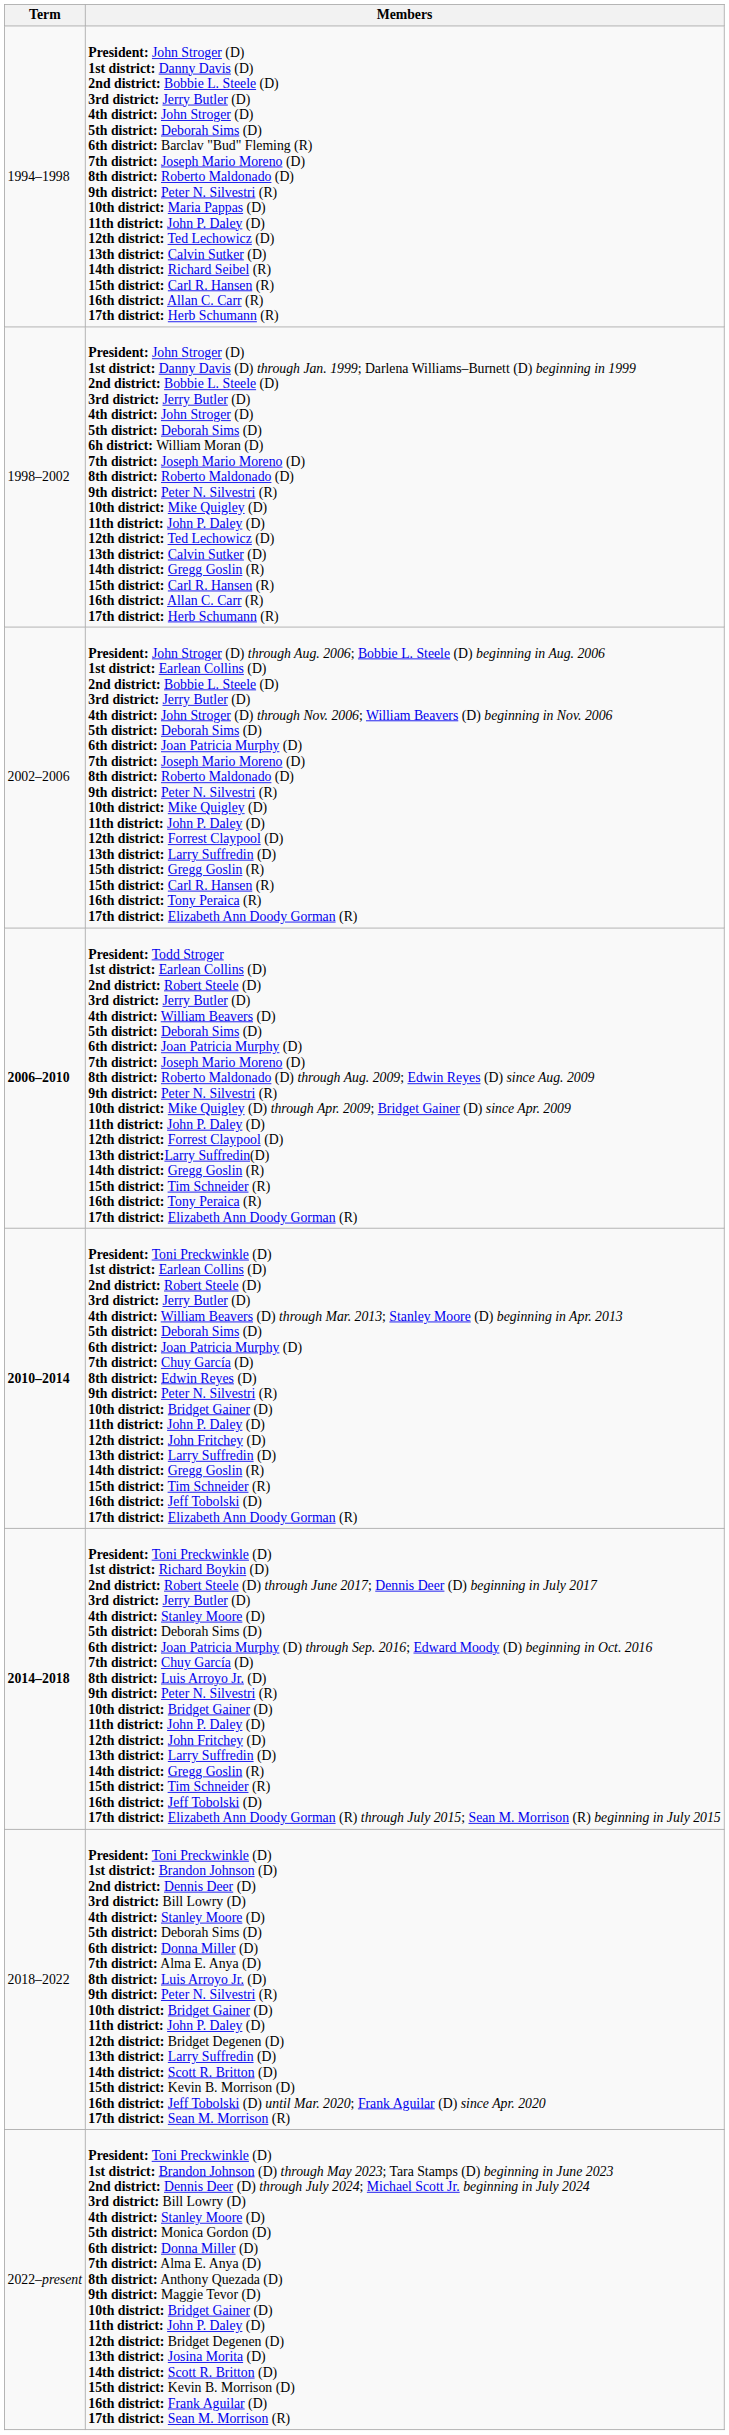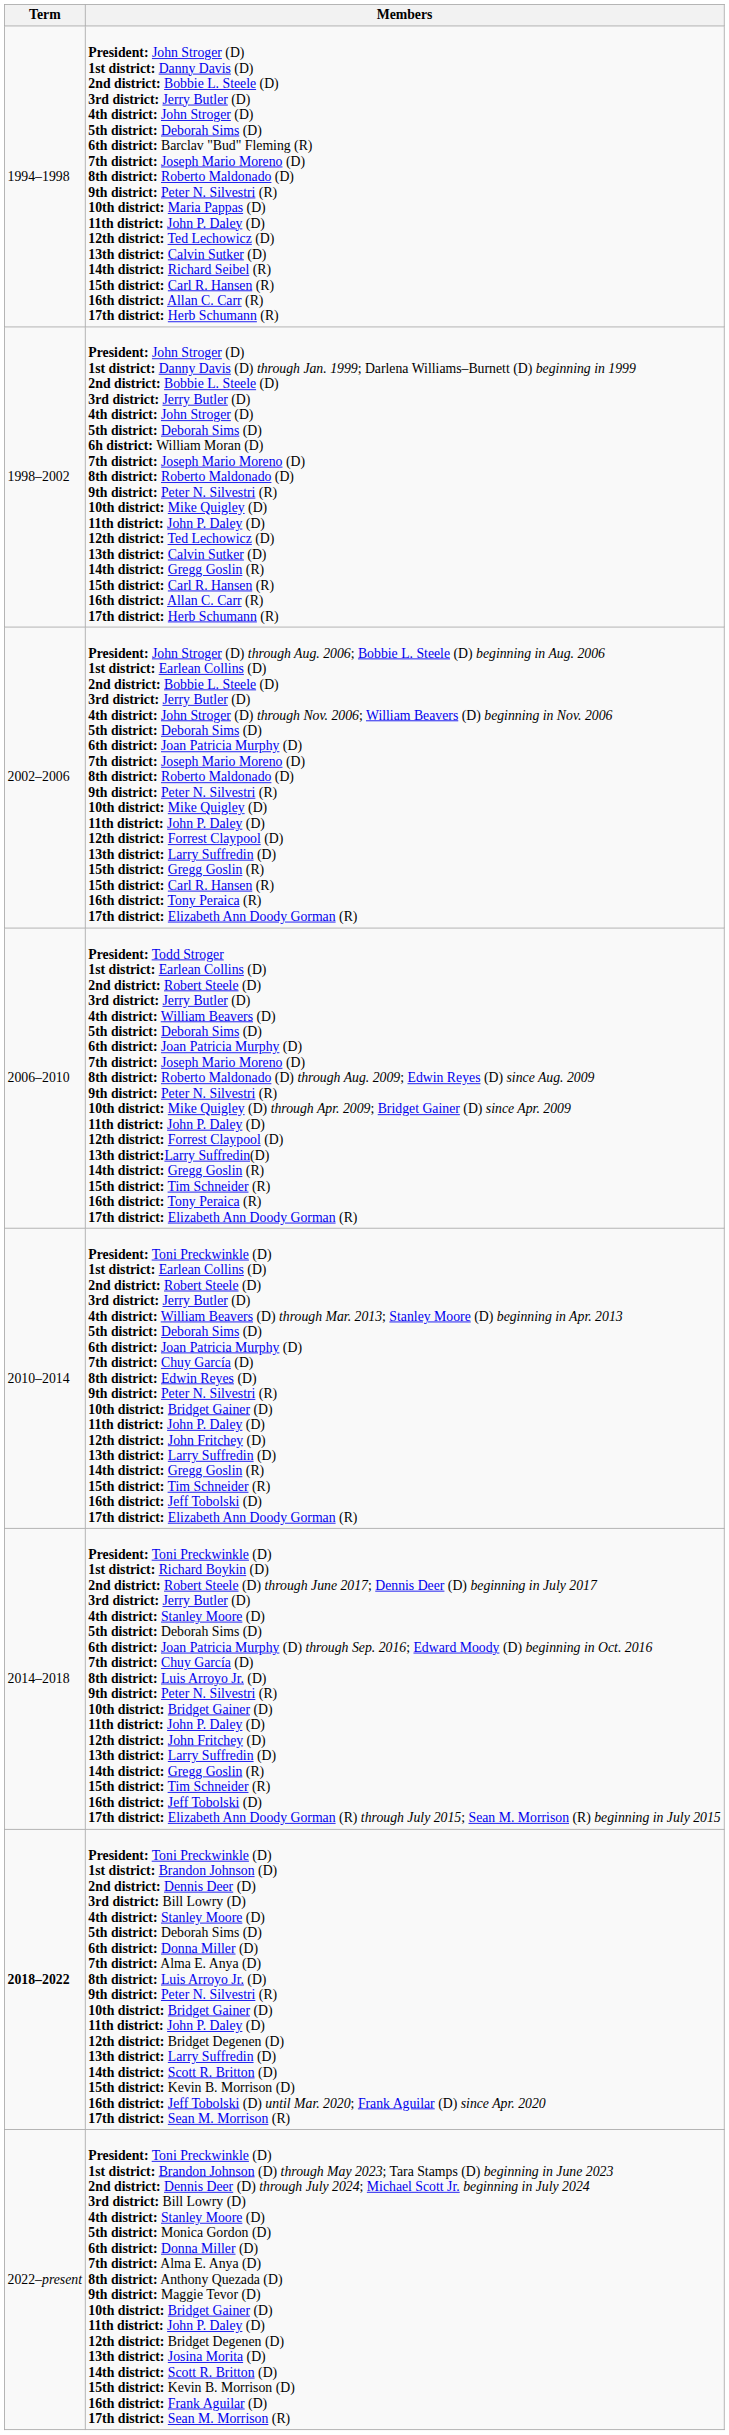 <table class="wikitable mw-collapsible">
 <tr>
 <th>Term</th>
 <th>Members</th>
 </tr>
 <tr>
 <td>1994–1998</td>
 <td><br><strong>President:</strong> <a href='#'>John Stroger</a> (D)<br> <strong>1st district:</strong> <a href='#'>Danny Davis</a> (D)<br> <strong>2nd district:</strong> <a href='#'>Bobbie L. Steele</a> (D)<br> <strong>3rd district:</strong> <a href='#'>Jerry Butler</a> (D)<br> <strong>4th district:</strong> <a href='#'>John Stroger</a> (D)<br> <strong>5th district:</strong> <a href='#'>Deborah Sims</a> (D)<br> <strong>6th district:</strong> Barclav "Bud" Fleming (R)<br> <strong>7th district:</strong> <a href='#'>Joseph Mario Moreno</a> (D)<br> <strong>8th district:</strong> <a href='#'>Roberto Maldonado</a> (D) <br> <strong>9th district:</strong> <a href='#'>Peter N. Silvestri</a> (R)<br> <strong>10th district:</strong> <a href='#'>Maria Pappas</a> (D)<br> <strong>11th district:</strong> <a href='#'>John P. Daley</a> (D)<br> <strong>12th district:</strong> <a href='#'>Ted Lechowicz</a> (D)<br> <strong>13th district:</strong> <a href='#'>Calvin Sutker</a> (D)<br> <strong>14th district:</strong> <a href='#'>Richard Seibel</a> (R)<br> <strong>15th district:</strong> <a href='#'>Carl R. Hansen</a> (R)<br> <strong>16th district:</strong> <a href='#'>Allan C. Carr</a> (R)<br> <strong>17th district:</strong> <a href='#'>Herb Schumann</a> (R)<br></td>
 </tr>
 <tr>
 <td>1998–2002</td>
 <td><br><strong>President:</strong> <a href='#'>John Stroger</a> (D)<br> <strong>1st district:</strong> <a href='#'>Danny Davis</a> (D) <em>through Jan. 1999</em>; Darlena Williams–Burnett (D) <em>beginning in 1999</em> <br> <strong>2nd district:</strong> <a href='#'>Bobbie L. Steele</a> (D)<br> <strong>3rd district:</strong> <a href='#'>Jerry Butler</a> (D)<br> <strong>4th district:</strong> <a href='#'>John Stroger</a> (D)<br> <strong>5th district:</strong> <a href='#'>Deborah Sims</a> (D)<br> <strong>6h district:</strong> William Moran (D)<br> <strong>7th district:</strong> <a href='#'>Joseph Mario Moreno</a> (D)<br> <strong>8th district:</strong> <a href='#'>Roberto Maldonado</a> (D) <br> <strong>9th district:</strong> <a href='#'>Peter N. Silvestri</a> (R)<br> <strong>10th district:</strong> <a href='#'>Mike Quigley</a> (D)<br> <strong>11th district:</strong> <a href='#'>John P. Daley</a> (D)<br> <strong>12th district:</strong> <a href='#'>Ted Lechowicz</a> (D)<br> <strong>13th district:</strong> <a href='#'>Calvin Sutker</a> (D)<br> <strong>14th district:</strong> <a href='#'>Gregg Goslin</a> (R)<br> <strong>15th district:</strong> <a href='#'>Carl R. Hansen</a> (R)<br> <strong>16th district:</strong> <a href='#'>Allan C. Carr</a> (R)<br> <strong>17th district:</strong> <a href='#'>Herb Schumann</a> (R)<br></td>
 </tr>
 <tr>
 <td>2002–2006</td>
 <td><br><strong>President:</strong> <a href='#'>John Stroger</a> (D) <em>through Aug. 2006</em>; <a href='#'>Bobbie L. Steele</a> (D) <em>beginning in Aug. 2006</em><br> <strong>1st district:</strong> <a href='#'>Earlean Collins</a> (D)<br> <strong>2nd district:</strong> <a href='#'>Bobbie L. Steele</a> (D)<br> <strong>3rd district:</strong> <a href='#'>Jerry Butler</a> (D)<br> <strong>4th district:</strong> <a href='#'>John Stroger</a> (D) <em>through Nov. 2006</em>; <a href='#'>William Beavers</a> (D) <em>beginning in Nov. 2006</em><br> <strong>5th district:</strong> <a href='#'>Deborah Sims</a> (D)<br> <strong>6th district:</strong> <a href='#'>Joan Patricia Murphy</a> (D)<br> <strong>7th district:</strong> <a href='#'>Joseph Mario Moreno</a> (D)<br> <strong>8th district:</strong> <a href='#'>Roberto Maldonado</a> (D) <br> <strong>9th district:</strong> <a href='#'>Peter N. Silvestri</a> (R)<br> <strong>10th district:</strong> <a href='#'>Mike Quigley</a> (D)<br> <strong>11th district:</strong> <a href='#'>John P. Daley</a> (D)<br> <strong>12th district:</strong> <a href='#'>Forrest Claypool</a> (D)<br> <strong>13th district:</strong> <a href='#'>Larry Suffredin</a> (D)<br> <strong>15th district:</strong> <a href='#'>Gregg Goslin</a> (R)<br> <strong>15th district:</strong> <a href='#'>Carl R. Hansen</a> (R)<br> <strong>16th district:</strong> <a href='#'>Tony Peraica</a> (R)<br> <strong>17th district:</strong> <a href='#'>Elizabeth Ann Doody Gorman</a> (R)<br></td>
 </tr>
 <tr>
-<td><strong>2006–2010</strong></td>
+<td>2006–2010</td>
 <td><br><strong>President:</strong> <a href='#'>Todd Stroger</a><br> <strong>1st district:</strong> <a href='#'>Earlean Collins</a> (D)<br> <strong>2nd district:</strong> <a href='#'>Robert Steele</a> (D)<br> <strong>3rd district:</strong> <a href='#'>Jerry Butler</a> (D)<br> <strong>4th district:</strong> <a href='#'>William Beavers</a> (D)<br> <strong>5th district:</strong> <a href='#'>Deborah Sims</a> (D)<br> <strong>6th district:</strong> <a href='#'>Joan Patricia Murphy</a> (D)<br> <strong>7th district:</strong> <a href='#'>Joseph Mario Moreno</a> (D)<br> <strong>8th district:</strong> <a href='#'>Roberto Maldonado</a> (D) <em>through Aug. 2009</em>; <a href='#'>Edwin Reyes</a> (D) <em>since Aug. 2009</em><br> <strong>9th district:</strong> <a href='#'>Peter N. Silvestri</a> (R)<br> <strong>10th district:</strong> <a href='#'>Mike Quigley</a> (D) <em>through Apr. 2009</em>; <a href='#'>Bridget Gainer</a> (D) <em>since Apr. 2009</em><br> <strong>11th district:</strong> <a href='#'>John P. Daley</a> (D)<br> <strong>12th district:</strong> <a href='#'>Forrest Claypool</a> (D)<br> <strong>13th district:</strong><a href='#'>Larry Suffredin</a>(D)<br> <strong>14th district:</strong> <a href='#'>Gregg Goslin</a> (R)<br> <strong>15th district:</strong> <a href='#'>Tim Schneider</a> (R)<br> <strong>16th district:</strong> <a href='#'>Tony Peraica</a> (R)<br> <strong>17th district:</strong> <a href='#'>Elizabeth Ann Doody Gorman</a> (R)<br></td>
 </tr>
 <tr>
-<td><strong>2010–2014</strong></td>
+<td>2010–2014</td>
 <td><br><strong>President:</strong> <a href='#'>Toni Preckwinkle</a> (D)<br> <strong>1st district:</strong> <a href='#'>Earlean Collins</a> (D)<br> <strong>2nd district:</strong> <a href='#'>Robert Steele</a> (D)<br> <strong>3rd district:</strong> <a href='#'>Jerry Butler</a> (D)<br> <strong>4th district:</strong> <a href='#'>William Beavers</a> (D) <em>through Mar. 2013</em>; <a href='#'>Stanley Moore</a> (D) <em>beginning in Apr. 2013</em><br> <strong>5th district:</strong> <a href='#'>Deborah Sims</a> (D)<br> <strong>6th district:</strong> <a href='#'>Joan Patricia Murphy</a> (D)<br> <strong>7th district:</strong> <a href='#'>Chuy García</a> (D)<br> <strong>8th district:</strong> <a href='#'>Edwin Reyes</a> (D)<br> <strong>9th district:</strong> <a href='#'>Peter N. Silvestri</a> (R)<br> <strong>10th district:</strong> <a href='#'>Bridget Gainer</a> (D)<br> <strong>11th district:</strong> <a href='#'>John P. Daley</a> (D)<br> <strong>12th district:</strong> <a href='#'>John Fritchey</a> (D)<br> <strong>13th district:</strong> <a href='#'>Larry Suffredin</a> (D)<br> <strong>14th district:</strong> <a href='#'>Gregg Goslin</a> (R)<br> <strong>15th district:</strong> <a href='#'>Tim Schneider</a> (R)<br> <strong>16th district:</strong> <a href='#'>Jeff Tobolski</a> (D)<br> <strong>17th district:</strong> <a href='#'>Elizabeth Ann Doody Gorman</a> (R)<br></td>
 </tr>
 <tr>
-<td><strong>2014–2018</strong></td>
+<td>2014–2018</td>
 <td><br><strong>President:</strong> <a href='#'>Toni Preckwinkle</a> (D)<br> <strong>1st district:</strong> <a href='#'>Richard Boykin</a> (D)<br> <strong>2nd district:</strong> <a href='#'>Robert Steele</a> (D) <em>through June 2017</em>; <a href='#'>Dennis Deer</a> (D) <em>beginning in July 2017</em><br> <strong>3rd district:</strong> <a href='#'>Jerry Butler</a> (D)<br> <strong>4th district:</strong> <a href='#'>Stanley Moore</a> (D)<br> <strong>5th district:</strong> Deborah Sims (D)<br> <strong>6th district:</strong> <a href='#'>Joan Patricia Murphy</a> (D) <em>through Sep. 2016</em>; <a href='#'>Edward Moody</a> (D) <em>beginning in Oct. 2016</em><br> <strong>7th district:</strong> <a href='#'>Chuy García</a> (D)<br> <strong>8th district:</strong> <a href='#'>Luis Arroyo Jr.</a> (D)<br> <strong>9th district:</strong> <a href='#'>Peter N. Silvestri</a> (R)<br> <strong>10th district:</strong> <a href='#'>Bridget Gainer</a> (D)<br> <strong>11th district:</strong> <a href='#'>John P. Daley</a> (D)<br> <strong>12th district:</strong> <a href='#'>John Fritchey</a> (D)<br> <strong>13th district:</strong> <a href='#'>Larry Suffredin</a> (D)<br> <strong>14th district:</strong> <a href='#'>Gregg Goslin</a> (R)<br> <strong>15th district:</strong> <a href='#'>Tim Schneider</a> (R)<br> <strong>16th district:</strong> <a href='#'>Jeff Tobolski</a> (D)<br> <strong>17th district:</strong> <a href='#'>Elizabeth Ann Doody Gorman</a> (R) <em>through July 2015</em>; <a href='#'>Sean M. Morrison</a> (R) <em>beginning in July 2015</em><br></td>
 </tr>
 <tr>
-<td>2018–2022</td>
+<td><strong>2018–2022</strong></td>
 <td><br><strong>President:</strong> <a href='#'>Toni Preckwinkle</a> (D)<br> <strong>1st district:</strong> <a href='#'>Brandon Johnson</a> (D)<br> <strong>2nd district:</strong> <a href='#'>Dennis Deer</a> (D)<br> <strong>3rd district:</strong> Bill Lowry (D)<br> <strong>4th district:</strong> <a href='#'>Stanley Moore</a> (D)<br> <strong>5th district:</strong> Deborah Sims (D)<br> <strong>6th district:</strong> <a href='#'>Donna Miller</a> (D)<br> <strong>7th district:</strong> Alma E. Anya (D)<br> <strong>8th district:</strong> <a href='#'>Luis Arroyo Jr.</a> (D)<br> <strong>9th district:</strong> <a href='#'>Peter N. Silvestri</a> (R)<br> <strong>10th district:</strong> <a href='#'>Bridget Gainer</a> (D)<br> <strong>11th district:</strong> <a href='#'>John P. Daley</a> (D)<br> <strong>12th district:</strong> Bridget Degenen (D)<br> <strong>13th district:</strong> <a href='#'>Larry Suffredin</a> (D)<br> <strong>14th district:</strong> <a href='#'>Scott R. Britton</a> (D)<br> <strong>15th district:</strong> Kevin B. Morrison (D)<br> <strong>16th district:</strong> <a href='#'>Jeff Tobolski</a> (D) <em>until Mar. 2020</em>; <a href='#'>Frank Aguilar</a> (D) <em>since Apr. 2020</em><br> <strong>17th district:</strong> <a href='#'>Sean M. Morrison</a> (R)<br></td>
 </tr>
 <tr>
 <td>2022–<em>present</em></td>
 <td><br><strong>President:</strong> <a href='#'>Toni Preckwinkle</a> (D)<br> <strong>1st district:</strong> <a href='#'>Brandon Johnson</a> (D) <em>through May 2023</em>; Tara Stamps (D) <em>beginning in June 2023</em> <br> <strong>2nd district:</strong> <a href='#'>Dennis Deer</a> (D) <em>through July 2024</em>; <a href='#'>Michael Scott Jr.</a> <em>beginning in July 2024</em><br> <strong>3rd district:</strong> Bill Lowry (D)<br> <strong>4th district:</strong> <a href='#'>Stanley Moore</a> (D)<br> <strong>5th district:</strong> Monica Gordon (D)<br> <strong>6th district:</strong> <a href='#'>Donna Miller</a> (D)<br> <strong>7th district:</strong> Alma E. Anya (D)<br> <strong>8th district:</strong> Anthony Quezada (D)<br> <strong>9th district:</strong> Maggie Tevor (D)<br> <strong>10th district:</strong> <a href='#'>Bridget Gainer</a> (D)<br> <strong>11th district:</strong> <a href='#'>John P. Daley</a> (D)<br> <strong>12th district:</strong> Bridget Degenen (D)<br> <strong>13th district:</strong> <a href='#'>Josina Morita</a> (D)<br> <strong>14th district:</strong> <a href='#'>Scott R. Britton</a> (D)<br> <strong>15th district:</strong> Kevin B. Morrison (D)<br> <strong>16th district:</strong> <a href='#'>Frank Aguilar</a> (D)<br> <strong>17th district:</strong> <a href='#'>Sean M. Morrison</a> (R)<br></td>
 </tr>
 </table>
